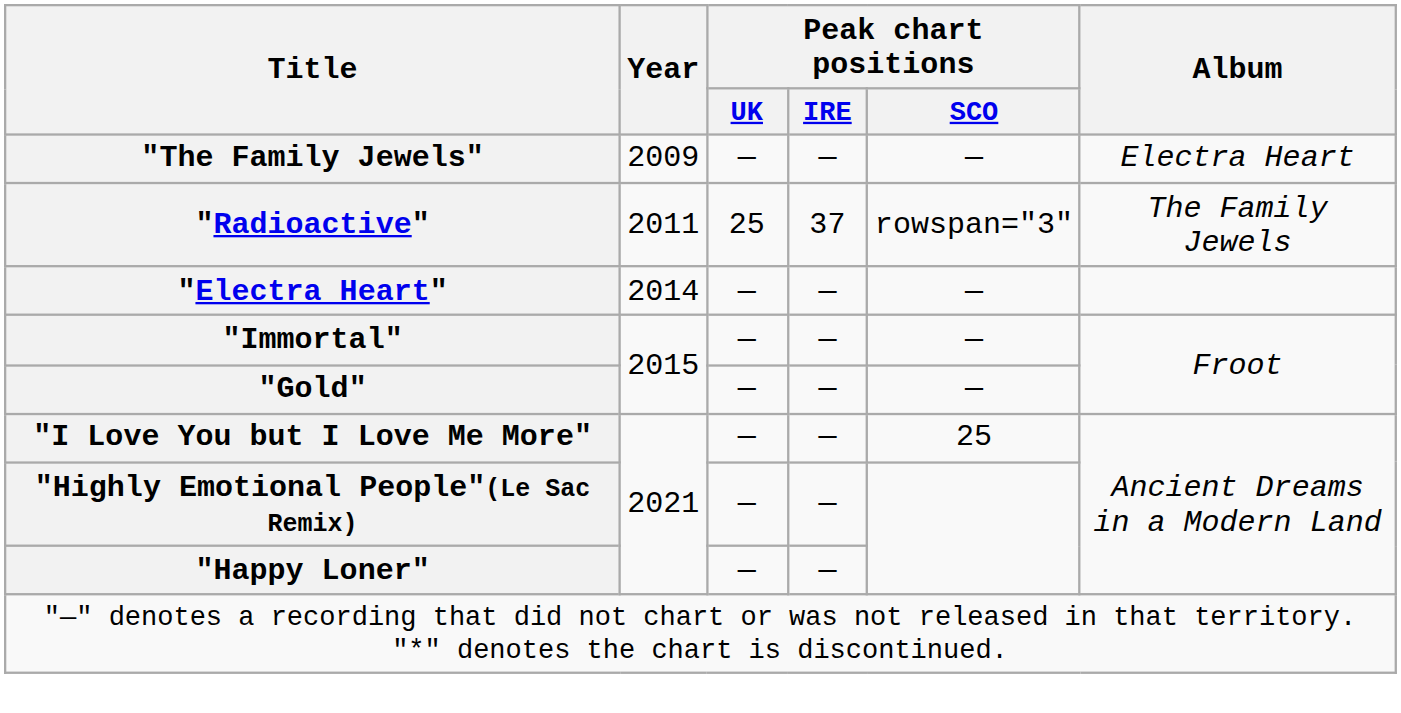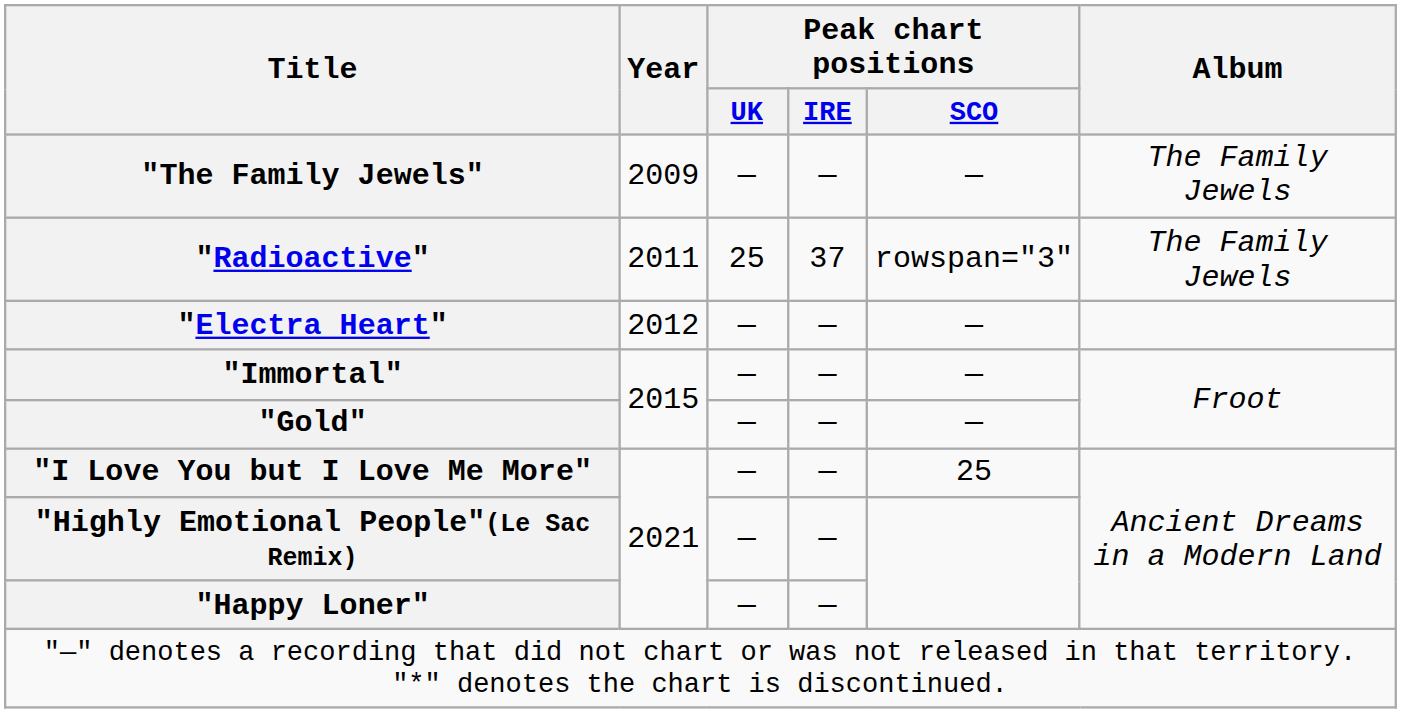 <table class="wikitable plainrowheaders" style="text-align:center;">
 <tr>
 <th scope="col" rowspan="2" style="width:20em;">Title</th>
 <th scope="col" rowspan="2">Year</th>
 <th scope="col" colspan="3">Peak chart positions</th>
 <th scope="col" rowspan="2" style="width:10em;">Album</th>
 </tr>
 <tr>
 <th scope="col" style="width:2.5em;font-size:90%;"><a href='#'>UK</a><br></th>
 <th scope="col" style="width:2.5em;font-size:90%;"><a href='#'>IRE</a><br></th>
 <th scope="col" style="width:2.5em;font-size:90%;"><a href='#'>SCO</a><br></th>
 </tr>
 <tr>
 <th scope="row">"The Family Jewels"</th>
 <td>2009</td>
 <td>—</td>
 <td>—</td>
 <td>—</td>
-<td><em>Electra Heart</em></td>
+<td><em>The Family Jewels</em></td>
 </tr>
 <tr>
 <th scope="row">"<a href='#'>Radioactive</a>"</th>
 <td>2011</td>
 <td>25</td>
 <td>37</td>
 <td>rowspan="3" </td>
 <td><em>The Family Jewels</em></td>
 </tr>
 <tr>
 <th scope="row">"<a href='#'>Electra Heart</a>"<br></th>
-<td>2014</td>
+<td>2012</td>
 <td>—</td>
 <td>—</td>
 <td>—</td>
 <td></td>
 </tr>
 <tr>
 <th scope="row">"Immortal"</th>
 <td rowspan="2">2015</td>
 <td>—</td>
 <td>—</td>
 <td>—</td>
 <td rowspan="2"><em>Froot</em></td>
 </tr>
 <tr>
 <th scope="row">"Gold"</th>
 <td>—</td>
 <td>—</td>
 <td>—</td>
 </tr>
 <tr>
 <th scope="row">"I Love You but I Love Me More"<br></th>
 <td rowspan="3">2021</td>
 <td>—</td>
 <td>—</td>
 <td>25</td>
 <td rowspan="3"><em>Ancient Dreams in a Modern Land</em></td>
 </tr>
 <tr>
 <th scope="row">"Highly Emotional People"<small>(Le Sac Remix)</small></th>
 <td>—</td>
 <td>—</td>
 </tr>
 <tr>
 <th scope="row">"Happy Loner"</th>
 <td>—</td>
 <td>—</td>
 </tr>
 <tr>
 <td colspan="6" style="font-size:90%">"—" denotes a recording that did not chart or was not released in that territory.<br>"*" denotes the chart is discontinued.</td>
 </tr>
 </table>
